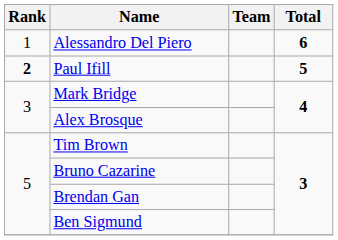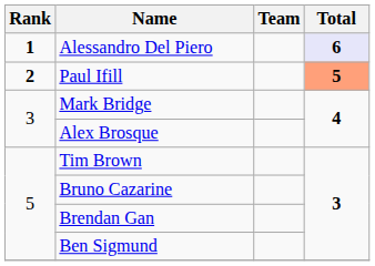 <table class="wikitable" style="text-align:center;">
 <tr>
 <th width=30>Rank</th>
 <th width=170>Name</th>
 <th width=25>Team</th>
 <th width=50>Total</th>
 </tr>
 <tr>
-<td>1</td>
+<td><strong>1</strong></td>
 <td align=left> <a href='#'>Alessandro Del Piero</a></td>
 <td></td>
-<td><strong>6</strong></td>
+<td style="background: lavender;"><strong>6</strong></td>
 </tr>
 <tr>
 <td><strong>2</strong></td>
 <td align=left> <a href='#'>Paul Ifill</a></td>
 <td></td>
-<td><strong>5</strong></td>
+<td style="background: lightsalmon;"><strong>5</strong></td>
 </tr>
 <tr>
 <td rowspan=2>3</td>
 <td align=left> <a href='#'>Mark Bridge</a></td>
 <td></td>
 <td rowspan=2><strong>4</strong></td>
 </tr>
 <tr>
 <td align=left> <a href='#'>Alex Brosque</a></td>
 <td></td>
 </tr>
 <tr>
 <td rowspan=4>5</td>
 <td align=left> <a href='#'>Tim Brown</a></td>
 <td></td>
 <td rowspan=4><strong>3</strong></td>
 </tr>
 <tr>
 <td align=left> <a href='#'>Bruno Cazarine</a></td>
 <td></td>
 </tr>
 <tr>
 <td align=left> <a href='#'>Brendan Gan</a></td>
 <td></td>
 </tr>
 <tr>
 <td align=left> <a href='#'>Ben Sigmund</a></td>
 <td></td>
 </tr>
 <tr>
 </tr>
 </table>
